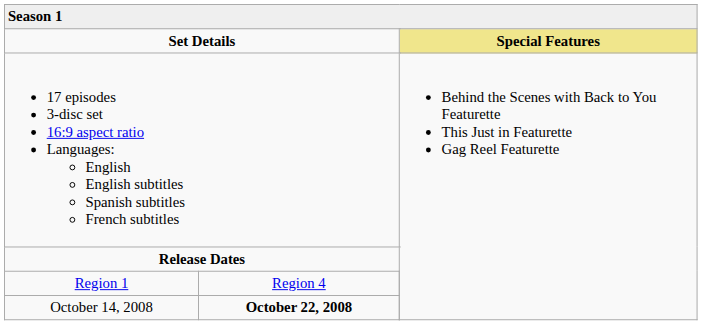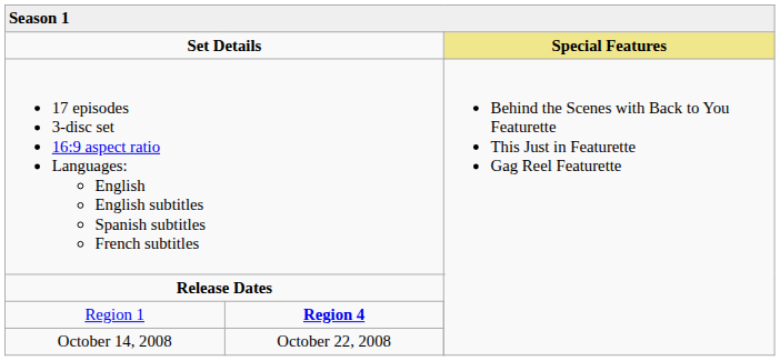 <table class="wikitable" style="font-size: 95%;">
 <tr style="background:#EFEFEF">
 <td colspan="5"><strong>Season 1</strong></td>
 </tr>
 <tr style="vertical-align:top; text-align:center;">
 <td style="width:400px;" colspan="3"><strong>Set Details</strong></td>
 <td style="background: khaki; width:300px; "><strong>Special Features</strong></td>
 </tr>
 <tr valign="top">
 <td colspan="3"  style="text-align:left; width:400px;"><br><ul><li>17 episodes</li><li>3-disc set</li><li><a href='#'>16:9 aspect ratio</a></li><li>Languages:<ul><li>English</li><li>English subtitles</li><li>Spanish subtitles</li><li>French subtitles</li></ul></li></ul></td>
 <td rowspan="4"  style="text-align:left; width:300px;"><br><ul><li>Behind the Scenes with Back to You Featurette</li><li>This Just in Featurette</li><li>Gag Reel Featurette</li></ul></td>
 </tr>
 <tr>
 <td colspan="3" style="text-align:center;"><strong>Release Dates</strong></td>
 </tr>
 <tr>
 <td style="text-align:center;"><a href='#'>Region 1</a></td>
-<td style="text-align:center;"><a href='#'>Region 4</a></td>
+<td style="text-align:center;"><strong><a href='#'>Region 4</a></strong></td>
 </tr>
 <tr style="text-align:center;">
 <td>October 14, 2008</td>
-<td><strong>October 22, 2008</strong></td>
+<td>October 22, 2008</td>
 </tr>
 </table>
